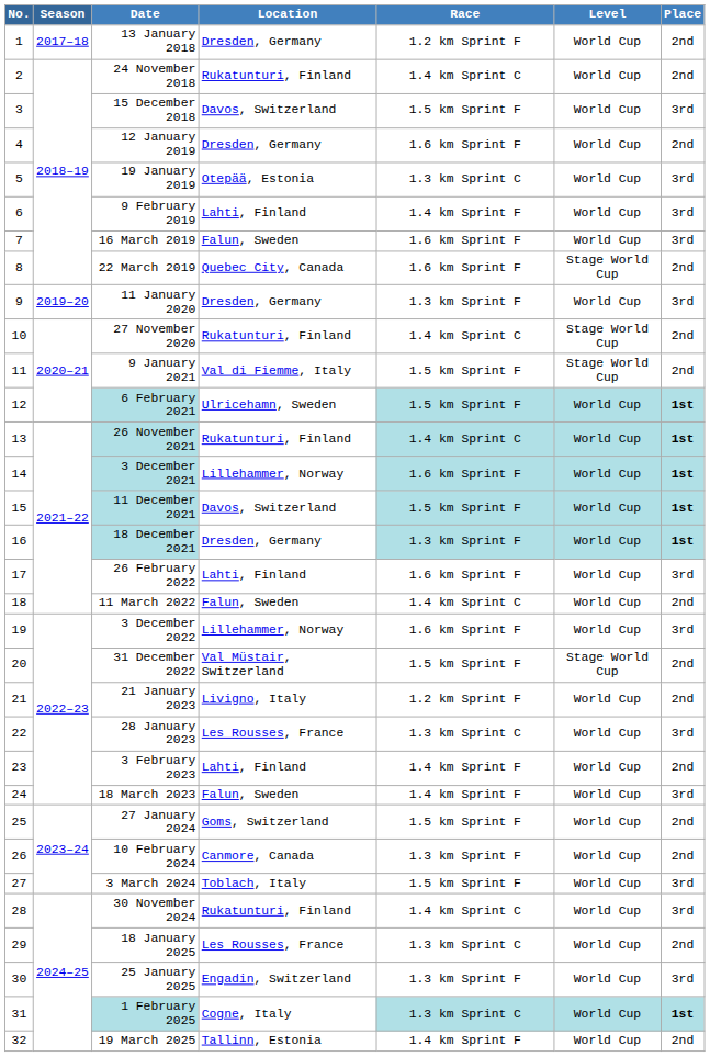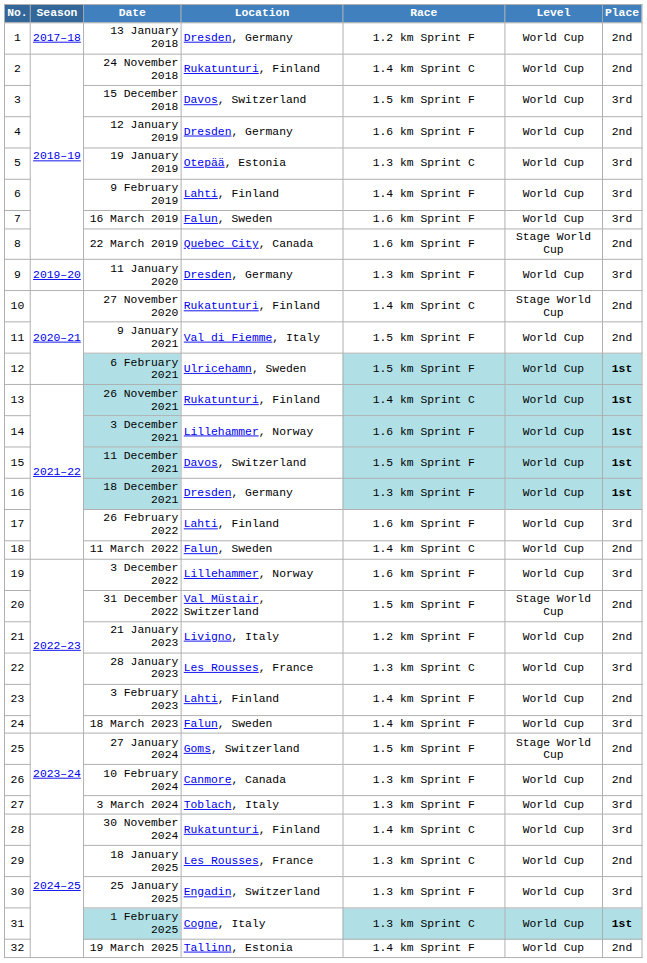 <table class="wikitable sortable" style="font-size:95%; text-align:center; border:grey solid 1px; border-collapse:collapse; background:#ffffff;">
 <tr style="background:#efefef;">
 <th style="background-color:#369; color:white;">No.</th>
 <th style="background-color:#369; color:white;">Season</th>
 <th style="background-color:#4180be; color:white; width:100px;">Date</th>
 <th style="background-color:#4180be; color:white; width:170px;">Location</th>
 <th style="background-color:#4180be; color:white; width:170px;">Race</th>
 <th style="background-color:#4180be; color:white; width:100px;">Level</th>
 <th style="background-color:#4180be; color:white;">Place</th>
 </tr>
 <tr>
 <td align=center>1</td>
 <td rowspan=1 align=center><a href='#'>2017–18</a></td>
 <td align=right>13 January 2018</td>
 <td align=left> <a href='#'>Dresden</a>, Germany</td>
 <td>1.2 km Sprint F</td>
 <td>World Cup</td>
 <td>2nd</td>
 </tr>
 <tr>
 <td align=center>2</td>
 <td rowspan=7 align=center><a href='#'>2018–19</a></td>
 <td align=right>24 November 2018</td>
 <td align=left> <a href='#'>Rukatunturi</a>, Finland</td>
 <td>1.4 km Sprint C</td>
 <td>World Cup</td>
 <td>2nd</td>
 </tr>
 <tr>
 <td align=center>3</td>
 <td align=right>15 December 2018</td>
 <td align=left> <a href='#'>Davos</a>, Switzerland</td>
 <td>1.5 km Sprint F</td>
 <td>World Cup</td>
 <td>3rd</td>
 </tr>
 <tr>
 <td align=center>4</td>
 <td align=right>12 January 2019</td>
 <td align=left> <a href='#'>Dresden</a>, Germany</td>
 <td>1.6 km Sprint F</td>
 <td>World Cup</td>
 <td>2nd</td>
 </tr>
 <tr>
 <td align=center>5</td>
 <td align=right>19 January 2019</td>
 <td align=left> <a href='#'>Otepää</a>, Estonia</td>
 <td>1.3 km Sprint C</td>
 <td>World Cup</td>
 <td>3rd</td>
 </tr>
 <tr>
 <td align=center>6</td>
 <td align=right>9 February 2019</td>
 <td align=left> <a href='#'>Lahti</a>, Finland</td>
 <td>1.4 km Sprint F</td>
 <td>World Cup</td>
 <td>3rd</td>
 </tr>
 <tr>
 <td align=center>7</td>
 <td align=right>16 March 2019</td>
 <td align=left> <a href='#'>Falun</a>, Sweden</td>
 <td>1.6 km Sprint F</td>
 <td>World Cup</td>
 <td>3rd</td>
 </tr>
 <tr>
 <td align=center>8</td>
 <td align=right>22 March 2019</td>
 <td align=left> <a href='#'>Quebec City</a>, Canada</td>
 <td>1.6 km Sprint F</td>
 <td>Stage World Cup</td>
 <td>2nd</td>
 </tr>
 <tr>
 <td align=center>9</td>
 <td align=center><a href='#'>2019–20</a></td>
 <td align=right>11 January 2020</td>
 <td align=left> <a href='#'>Dresden</a>, Germany</td>
 <td>1.3 km Sprint F</td>
 <td>World Cup</td>
 <td>3rd</td>
 </tr>
 <tr>
 <td align=center>10</td>
 <td rowspan=3 align=center><a href='#'>2020–21</a></td>
 <td align=right>27 November 2020</td>
 <td align=left> <a href='#'>Rukatunturi</a>, Finland</td>
 <td>1.4 km Sprint C</td>
 <td>Stage World Cup</td>
 <td>2nd</td>
 </tr>
 <tr>
 <td align=center>11</td>
 <td align=right>9 January 2021</td>
 <td align=left> <a href='#'>Val di Fiemme</a>, Italy</td>
 <td>1.5 km Sprint F</td>
-<td>Stage World Cup</td>
+<td>World Cup</td>
 <td>2nd</td>
 </tr>
 <tr>
 <td align=center>12</td>
 <td bgcolor="#BOEOE6" align=right>6 February 2021</td>
 <td align=left> <a href='#'>Ulricehamn</a>, Sweden</td>
 <td bgcolor="#BOEOE6">1.5 km Sprint F</td>
 <td bgcolor="#BOEOE6">World Cup</td>
 <td bgcolor="#BOEOE6"><strong>1st</strong></td>
 </tr>
 <tr>
 <td align=center>13</td>
 <td rowspan=6 align=center><a href='#'>2021–22</a></td>
 <td bgcolor="#BOEOE6" align=right>26 November 2021</td>
 <td align=left> <a href='#'>Rukatunturi</a>, Finland</td>
 <td bgcolor="#BOEOE6">1.4 km Sprint C</td>
 <td bgcolor="#BOEOE6">World Cup</td>
 <td bgcolor="#BOEOE6"><strong>1st</strong></td>
 </tr>
 <tr>
 <td align=center>14</td>
 <td bgcolor="#BOEOE6" align=right>3 December 2021</td>
 <td align=left> <a href='#'>Lillehammer</a>, Norway</td>
 <td bgcolor="#BOEOE6">1.6 km Sprint F</td>
 <td bgcolor="#BOEOE6">World Cup</td>
 <td bgcolor="#BOEOE6"><strong>1st</strong></td>
 </tr>
 <tr>
 <td align=center>15</td>
 <td bgcolor="#BOEOE6" align=right>11 December 2021</td>
 <td align=left> <a href='#'>Davos</a>, Switzerland</td>
 <td bgcolor="#BOEOE6">1.5 km Sprint F</td>
 <td bgcolor="#BOEOE6">World Cup</td>
 <td bgcolor="#BOEOE6"><strong>1st</strong></td>
 </tr>
 <tr>
 <td align=center>16</td>
 <td bgcolor="#BOEOE6" align=right>18 December 2021</td>
 <td align=left> <a href='#'>Dresden</a>, Germany</td>
 <td bgcolor="#BOEOE6">1.3 km Sprint F</td>
 <td bgcolor="#BOEOE6">World Cup</td>
 <td bgcolor="#BOEOE6"><strong>1st</strong></td>
 </tr>
 <tr>
 <td align=center>17</td>
 <td align=right>26 February 2022</td>
 <td align=left> <a href='#'>Lahti</a>, Finland</td>
 <td>1.6 km Sprint F</td>
 <td>World Cup</td>
 <td>3rd</td>
 </tr>
 <tr>
 <td align=center>18</td>
 <td align=right>11 March 2022</td>
 <td align=left> <a href='#'>Falun</a>, Sweden</td>
 <td>1.4 km Sprint C</td>
 <td>World Cup</td>
 <td>2nd</td>
 </tr>
 <tr>
 <td align=center>19</td>
 <td rowspan=6 align=center><a href='#'>2022–23</a></td>
 <td align=right>3 December 2022</td>
 <td align=left> <a href='#'>Lillehammer</a>, Norway</td>
 <td>1.6 km Sprint F</td>
 <td>World Cup</td>
 <td>3rd</td>
 </tr>
 <tr>
 <td align=center>20</td>
 <td align=right>31 December 2022</td>
 <td align=left> <a href='#'>Val Müstair</a>, Switzerland</td>
 <td>1.5 km Sprint F</td>
 <td>Stage World Cup</td>
 <td>2nd</td>
 </tr>
 <tr>
 <td align=center>21</td>
 <td align=right>21 January 2023</td>
 <td align=left> <a href='#'>Livigno</a>, Italy</td>
 <td>1.2 km Sprint F</td>
 <td>World Cup</td>
 <td>2nd</td>
 </tr>
 <tr>
 <td align=center>22</td>
 <td align=right>28 January 2023</td>
 <td align=left> <a href='#'>Les Rousses</a>, France</td>
 <td>1.3 km Sprint C</td>
 <td>World Cup</td>
 <td>3rd</td>
 </tr>
 <tr>
 <td align=center>23</td>
 <td align=right>3 February 2023</td>
 <td align=left> <a href='#'>Lahti</a>, Finland</td>
 <td>1.4 km Sprint F</td>
 <td>World Cup</td>
 <td>2nd</td>
 </tr>
 <tr>
 <td align=center>24</td>
 <td align=right>18 March 2023</td>
 <td align=left> <a href='#'>Falun</a>, Sweden</td>
 <td>1.4 km Sprint F</td>
 <td>World Cup</td>
 <td>3rd</td>
 </tr>
 <tr>
 <td align=center>25</td>
 <td rowspan=3 align=center><a href='#'>2023–24</a></td>
 <td align=right>27 January 2024</td>
 <td align=left> <a href='#'>Goms</a>, Switzerland</td>
 <td>1.5 km Sprint F</td>
-<td>World Cup</td>
+<td>Stage World Cup</td>
 <td>2nd</td>
 </tr>
 <tr>
 <td align=center>26</td>
 <td align=right>10 February 2024</td>
 <td align=left> <a href='#'>Canmore</a>, Canada</td>
 <td>1.3 km Sprint F</td>
 <td>World Cup</td>
 <td>2nd</td>
 </tr>
 <tr>
 <td align=center>27</td>
 <td align=right>3 March 2024</td>
 <td align=left> <a href='#'>Toblach</a>, Italy</td>
-<td>1.5 km Sprint F</td>
+<td>1.3 km Sprint F</td>
 <td>World Cup</td>
 <td>3rd</td>
 </tr>
 <tr>
 <td align=center>28</td>
 <td rowspan="5" align="center"><a href='#'>2024–25</a></td>
 <td align=right>30 November 2024</td>
 <td rowspan=1 align=left> <a href='#'>Rukatunturi</a>, Finland</td>
 <td>1.4 km Sprint C</td>
 <td>World Cup</td>
 <td>3rd</td>
 </tr>
 <tr>
 <td align=center>29</td>
 <td align=right>18 January 2025</td>
 <td align=left> <a href='#'>Les Rousses</a>, France</td>
 <td>1.3 km Sprint C</td>
 <td>World Cup</td>
 <td>2nd</td>
 </tr>
 <tr>
 <td align=center>30</td>
 <td align=right>25 January 2025</td>
 <td align=left> <a href='#'>Engadin</a>, Switzerland</td>
 <td>1.3 km Sprint F</td>
 <td>World Cup</td>
 <td>3rd</td>
 </tr>
 <tr>
 <td align=center>31</td>
 <td bgcolor="#BOEOE6" align=right>1 February 2025</td>
 <td align=left> <a href='#'>Cogne</a>, Italy</td>
 <td bgcolor="#BOEOE6">1.3 km Sprint C</td>
 <td bgcolor="#BOEOE6">World Cup</td>
 <td bgcolor="#BOEOE6"><strong>1st</strong></td>
 </tr>
 <tr>
 <td align=center>32</td>
 <td align=right>19 March 2025</td>
 <td align=left> <a href='#'>Tallinn</a>, Estonia</td>
 <td>1.4 km Sprint F</td>
 <td>World Cup</td>
 <td>2nd</td>
 </tr>
 </table>
